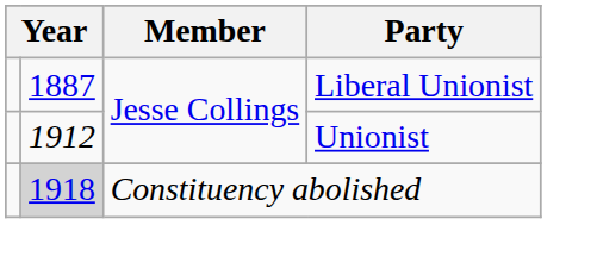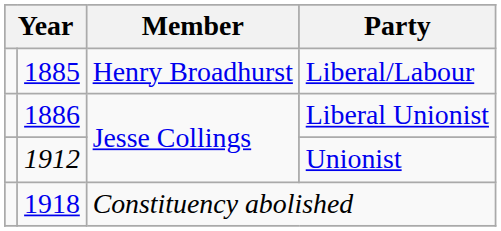 <table class="wikitable">
 <tr>
 <th colspan="2">Year</th>
 <th>Member</th>
 <th>Party</th>
 </tr>
 <tr>
 <td style="color:inherit;background-color: "></td>
-<td><a href='#'>1887</a></td>
+<td><a href='#'>1885</a></td>
+<td><a href='#'>Henry Broadhurst</a></td>
+<td><a href='#'>Liberal/Labour</a></td>
+</tr>
+<tr>
+<td style="color:inherit;background-color: "></td>
+<td><a href='#'>1886</a></td>
 <td rowspan="2"><a href='#'>Jesse Collings</a></td>
 <td><a href='#'>Liberal Unionist</a></td>
 </tr>
 <tr>
 <td style="color:inherit;background-color: "></td>
 <td><em>1912</em></td>
 <td><a href='#'>Unionist</a></td>
 </tr>
 <tr>
 <td></td>
-<td style="background: lightgrey;"><a href='#'>1918</a></td>
+<td><a href='#'>1918</a></td>
 <td colspan="2"><em>Constituency abolished</em></td>
 </tr>
 </table>
